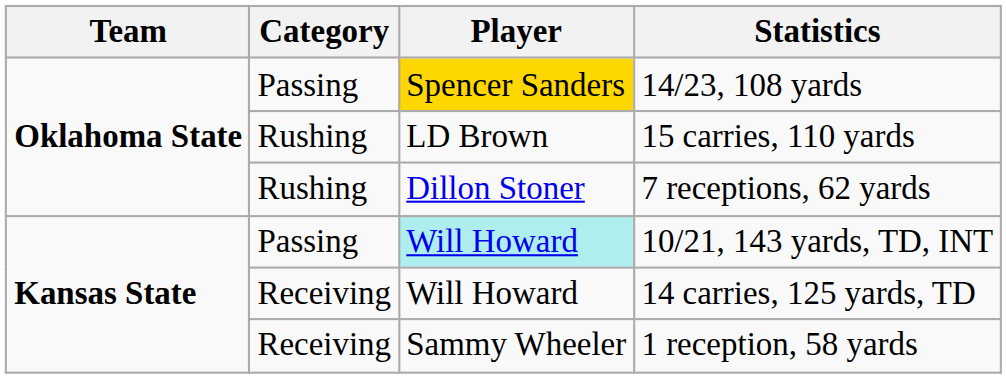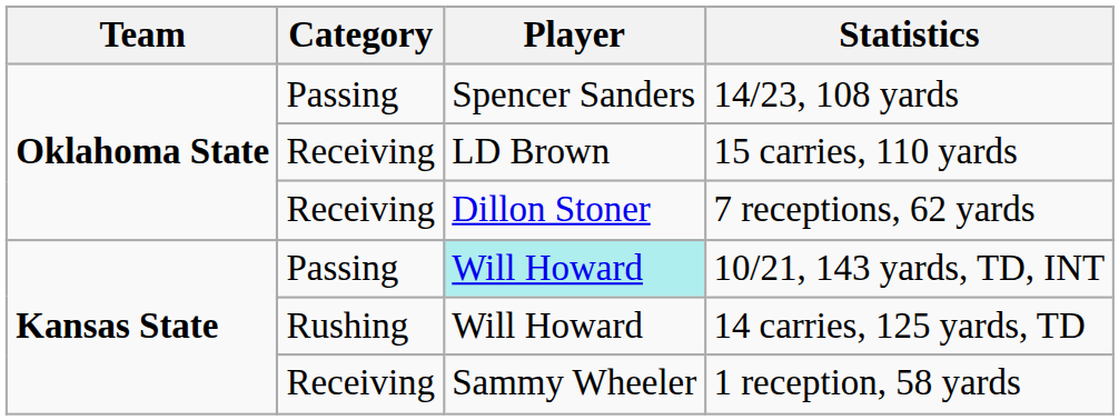 <table class="wikitable" style="float: right;">
 <tr>
 <th>Team</th>
 <th>Category</th>
 <th>Player</th>
 <th>Statistics</th>
 </tr>
 <tr>
 <td rowspan=3><strong>Oklahoma State</strong></td>
 <td>Passing</td>
-<td style="background: gold;">Spencer Sanders</td>
+<td>Spencer Sanders</td>
 <td>14/23, 108 yards</td>
 </tr>
 <tr>
-<td>Rushing</td>
+<td>Receiving</td>
 <td>LD Brown</td>
 <td>15 carries, 110 yards</td>
 </tr>
 <tr>
-<td>Rushing</td>
+<td>Receiving</td>
 <td><a href='#'>Dillon Stoner</a></td>
 <td>7 receptions, 62 yards</td>
 </tr>
 <tr>
 <td rowspan=3><strong>Kansas State</strong></td>
 <td>Passing</td>
 <td style="background: paleturquoise;"><a href='#'>Will Howard</a></td>
 <td>10/21, 143 yards, TD, INT</td>
 </tr>
 <tr>
-<td>Receiving</td>
+<td>Rushing</td>
 <td>Will Howard</td>
 <td>14 carries, 125 yards, TD</td>
 </tr>
 <tr>
 <td>Receiving</td>
 <td>Sammy Wheeler</td>
 <td>1 reception, 58 yards</td>
 </tr>
 </table>
